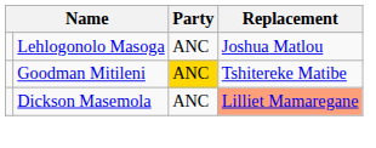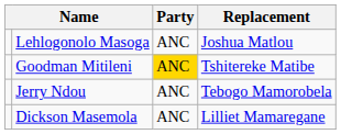 <table class="wikitable sortable">
 <tr>
 <th colspan="2"><strong>Name</strong></th>
 <th><strong>Party</strong></th>
 <th><strong>Replacement</strong></th>
 </tr>
 <tr>
 <td style="background-color: "></td>
 <td><a href='#'>Lehlogonolo Masoga</a></td>
 <td>ANC</td>
 <td><a href='#'>Joshua Matlou</a></td>
 </tr>
 <tr>
 <td style="background-color: "></td>
 <td><a href='#'>Goodman Mitileni</a></td>
 <td style="background: gold;">ANC</td>
 <td><a href='#'>Tshitereke Matibe</a></td>
 </tr>
 <tr>
 <td style="background-color: "></td>
+<td><a href='#'>Jerry Ndou</a></td>
+<td>ANC</td>
+<td><a href='#'>Tebogo Mamorobela</a></td>
+</tr>
+<tr>
+<td style="background-color: "></td>
 <td><a href='#'>Dickson Masemola</a></td>
 <td>ANC</td>
-<td style="background: lightsalmon;"><a href='#'>Lilliet Mamaregane</a></td>
+<td><a href='#'>Lilliet Mamaregane</a></td>
 </tr>
 </table>
